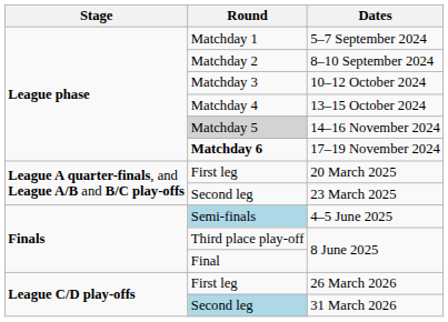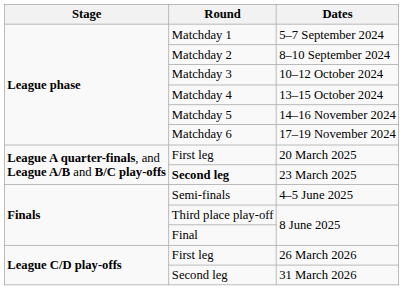 <table class="wikitable">
 <tr>
 <th>Stage</th>
 <th>Round</th>
 <th>Dates</th>
 </tr>
 <tr>
 <td rowspan="6"><strong>League phase</strong></td>
 <td>Matchday 1</td>
 <td>5–7 September 2024</td>
 </tr>
 <tr>
 <td>Matchday 2</td>
 <td>8–10 September 2024</td>
 </tr>
 <tr>
 <td>Matchday 3</td>
 <td>10–12 October 2024</td>
 </tr>
 <tr>
 <td>Matchday 4</td>
 <td>13–15 October 2024</td>
 </tr>
 <tr>
-<td style="background: lightgrey;">Matchday 5</td>
+<td>Matchday 5</td>
 <td>14–16 November 2024</td>
 </tr>
 <tr>
-<td><strong>Matchday 6</strong></td>
+<td>Matchday 6</td>
 <td>17–19 November 2024</td>
 </tr>
 <tr>
 <td rowspan="2"><strong>League A quarter-finals</strong>, and<br><strong>League A/B</strong> and <strong>B/C play-offs</strong></td>
 <td>First leg</td>
 <td>20 March 2025</td>
 </tr>
 <tr>
-<td>Second leg</td>
+<td><strong>Second leg</strong></td>
 <td>23 March 2025</td>
 </tr>
 <tr>
 <td rowspan="3"><strong>Finals</strong></td>
-<td style="background: lightblue;">Semi-finals</td>
+<td>Semi-finals</td>
 <td>4–5 June 2025</td>
 </tr>
 <tr>
 <td>Third place play-off</td>
 <td rowspan="2">8 June 2025</td>
 </tr>
 <tr>
 <td>Final</td>
 </tr>
 <tr>
 <td rowspan="2"><strong>League C/D play-offs</strong></td>
 <td>First leg</td>
 <td>26 March 2026</td>
 </tr>
 <tr>
-<td style="background: lightblue;">Second leg</td>
+<td>Second leg</td>
 <td>31 March 2026</td>
 </tr>
 </table>
